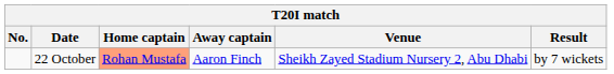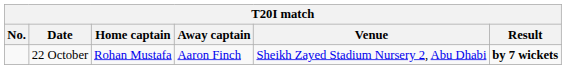 <table class="wikitable">
 <tr>
 <th colspan="6">T20I match</th>
 </tr>
 <tr>
 <th>No.</th>
 <th>Date</th>
 <th>Home captain</th>
 <th>Away captain</th>
 <th>Venue</th>
 <th>Result</th>
 </tr>
 <tr>
 <td></td>
 <td>22 October</td>
-<td style="background: lightsalmon;"><a href='#'>Rohan Mustafa</a></td>
+<td><a href='#'>Rohan Mustafa</a></td>
 <td><a href='#'>Aaron Finch</a></td>
 <td><a href='#'>Sheikh Zayed Stadium Nursery 2</a>, <a href='#'>Abu Dhabi</a></td>
-<td> by 7 wickets</td>
+<td><strong> by 7 wickets</strong></td>
 </tr>
 </table>
